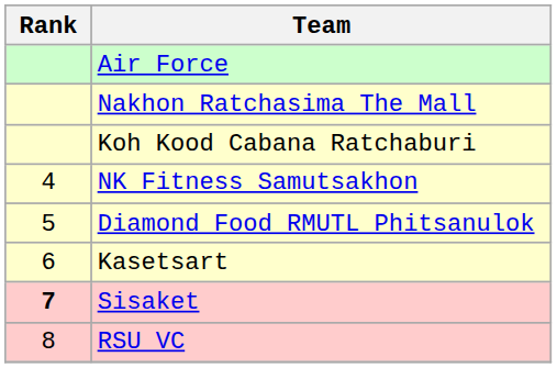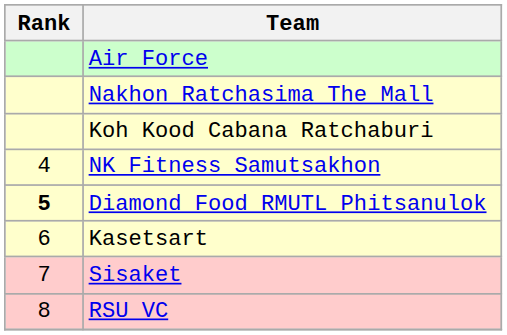 <table class="wikitable" style="text-align: center;">
 <tr>
 <th width=40>Rank</th>
 <th width=240>Team</th>
 </tr>
 <tr bgcolor=#ccffcc>
 <td></td>
 <td align=left><a href='#'>Air Force</a></td>
 </tr>
 <tr bgcolor=#ffffcc>
 <td></td>
 <td align=left><a href='#'>Nakhon Ratchasima The Mall</a></td>
 </tr>
 <tr bgcolor=#ffffcc>
 <td></td>
 <td align=left>Koh Kood Cabana Ratchaburi</td>
 </tr>
 <tr bgcolor=#ffffcc>
 <td>4</td>
 <td align=left><a href='#'>NK Fitness Samutsakhon</a></td>
 </tr>
 <tr bgcolor=#ffffcc>
-<td>5</td>
+<td><strong>5</strong></td>
 <td align=left><a href='#'>Diamond Food RMUTL Phitsanulok</a></td>
 </tr>
 <tr bgcolor=#ffffcc>
 <td>6</td>
 <td align=left>Kasetsart</td>
 </tr>
 <tr bgcolor=#ffcccc>
-<td><strong>7</strong></td>
+<td>7</td>
 <td align=left><a href='#'>Sisaket</a></td>
 </tr>
 <tr bgcolor=#ffcccc>
 <td>8</td>
 <td align=left><a href='#'>RSU VC</a></td>
 </tr>
 <tr>
 </tr>
 </table>
